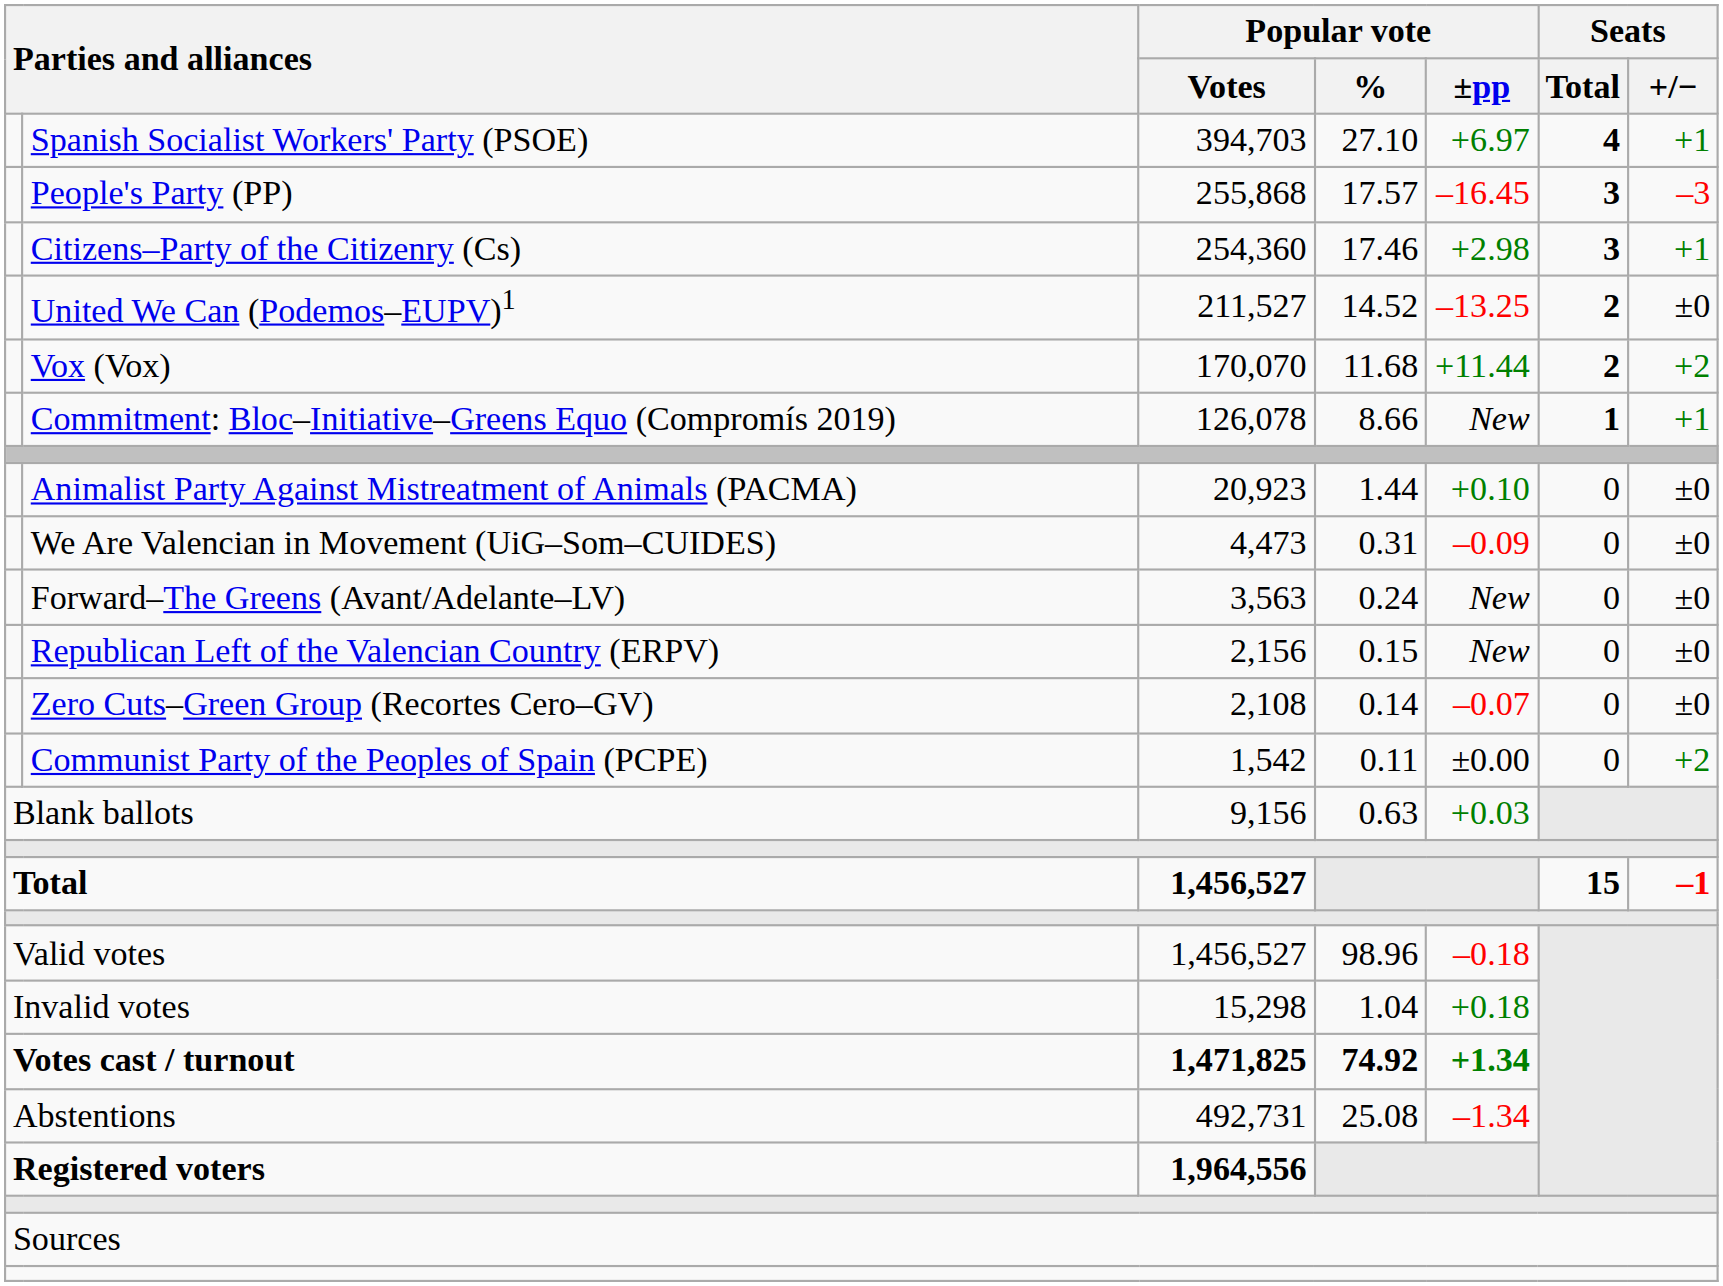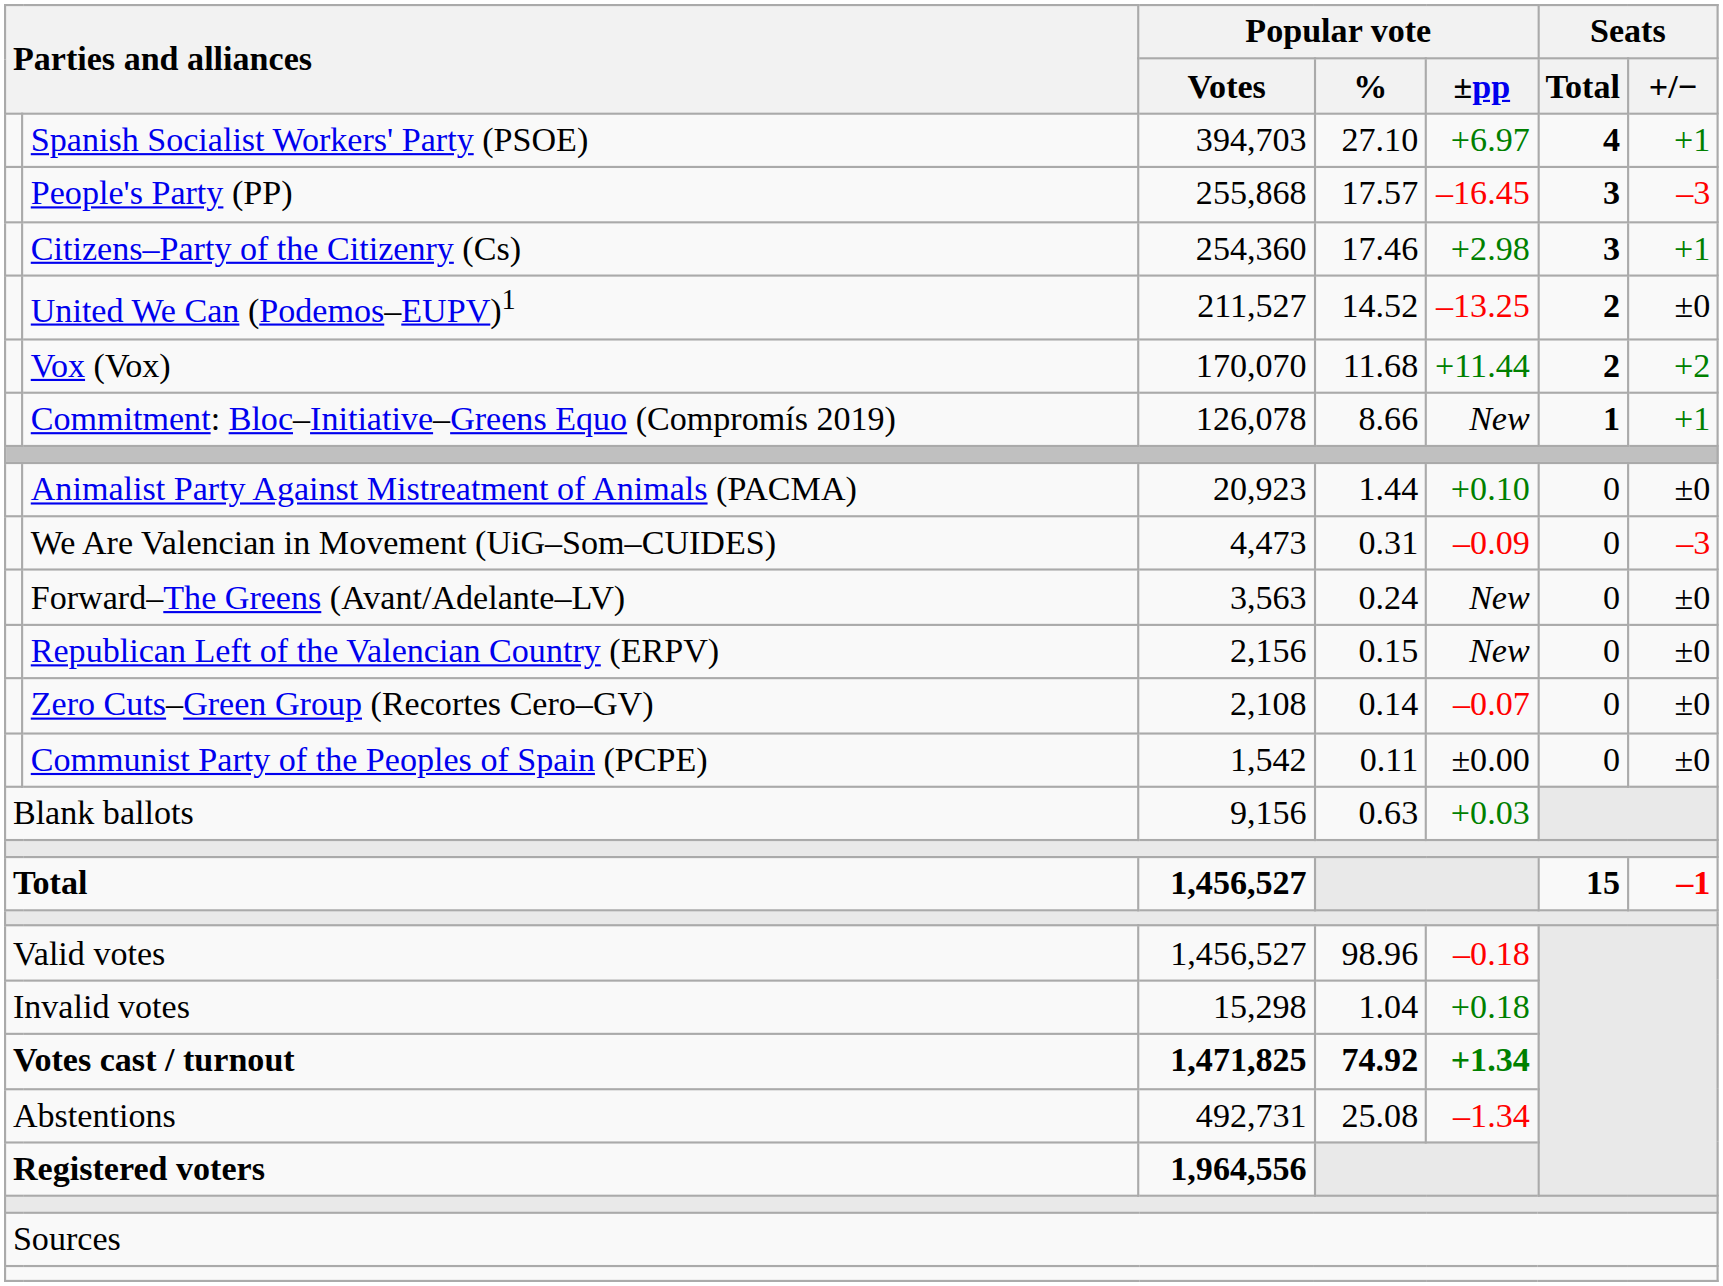 <table class="wikitable" style="text-align:right;">
 <tr>
 <th style="text-align:left;" rowspan="2" colspan="2" width="525">Parties and alliances</th>
 <th colspan="3">Popular vote</th>
 <th colspan="2">Seats</th>
 </tr>
 <tr>
 <th width="75">Votes</th>
 <th width="45">%</th>
 <th width="45">±<a href='#'>pp</a></th>
 <th width="35">Total</th>
 <th width="35">+/−</th>
 </tr>
 <tr>
 <td width="1" style="color:inherit;background:"></td>
 <td align="left"><a href='#'>Spanish Socialist Workers' Party</a> (PSOE)</td>
 <td>394,703</td>
 <td>27.10</td>
 <td style="color:green;">+6.97</td>
 <td><strong>4</strong></td>
 <td style="color:green;">+1</td>
 </tr>
 <tr>
 <td style="color:inherit;background:"></td>
 <td align="left"><a href='#'>People's Party</a> (PP)</td>
 <td>255,868</td>
 <td>17.57</td>
 <td style="color:red;">–16.45</td>
 <td><strong>3</strong></td>
 <td style="color:red;">–3</td>
 </tr>
 <tr>
 <td style="color:inherit;background:"></td>
 <td align="left"><a href='#'>Citizens–Party of the Citizenry</a> (Cs)</td>
 <td>254,360</td>
 <td>17.46</td>
 <td style="color:green;">+2.98</td>
 <td><strong>3</strong></td>
 <td style="color:green;">+1</td>
 </tr>
 <tr>
 <td style="color:inherit;background:"></td>
 <td align="left"><a href='#'>United We Can</a> (<a href='#'>Podemos</a>–<a href='#'>EUPV</a>)<sup>1</sup></td>
 <td>211,527</td>
 <td>14.52</td>
 <td style="color:red;">–13.25</td>
 <td><strong>2</strong></td>
 <td>±0</td>
 </tr>
 <tr>
 <td style="color:inherit;background:"></td>
 <td align="left"><a href='#'>Vox</a> (Vox)</td>
 <td>170,070</td>
 <td>11.68</td>
 <td style="color:green;">+11.44</td>
 <td><strong>2</strong></td>
 <td style="color:green;">+2</td>
 </tr>
 <tr>
 <td style="color:inherit;background:"></td>
 <td align="left"><a href='#'>Commitment</a>: <a href='#'>Bloc</a>–<a href='#'>Initiative</a>–<a href='#'>Greens Equo</a> (Compromís 2019)</td>
 <td>126,078</td>
 <td>8.66</td>
 <td><em>New</em></td>
 <td><strong>1</strong></td>
 <td style="color:green;">+1</td>
 </tr>
 <tr>
 <td colspan="7" bgcolor="#C0C0C0"></td>
 </tr>
 <tr>
 <td style="color:inherit;background:"></td>
 <td align="left"><a href='#'>Animalist Party Against Mistreatment of Animals</a> (PACMA)</td>
 <td>20,923</td>
 <td>1.44</td>
 <td style="color:green;">+0.10</td>
 <td>0</td>
 <td>±0</td>
 </tr>
 <tr>
 <td style="color:inherit;background:"></td>
 <td align="left">We Are Valencian in Movement (UiG–Som–CUIDES)</td>
 <td>4,473</td>
 <td>0.31</td>
 <td style="color:red;">–0.09</td>
 <td>0</td>
-<td>±0</td>
+<td style="color:red;">–3</td>
 </tr>
 <tr>
 <td style="color:inherit;background:"></td>
 <td align="left">Forward–<a href='#'>The Greens</a> (Avant/Adelante–LV)</td>
 <td>3,563</td>
 <td>0.24</td>
 <td><em>New</em></td>
 <td>0</td>
 <td>±0</td>
 </tr>
 <tr>
 <td style="color:inherit;background:"></td>
 <td align="left"><a href='#'>Republican Left of the Valencian Country</a> (ERPV)</td>
 <td>2,156</td>
 <td>0.15</td>
 <td><em>New</em></td>
 <td>0</td>
 <td>±0</td>
 </tr>
 <tr>
 <td style="color:inherit;background:"></td>
 <td align="left"><a href='#'>Zero Cuts</a>–<a href='#'>Green Group</a> (Recortes Cero–GV)</td>
 <td>2,108</td>
 <td>0.14</td>
 <td style="color:red;">–0.07</td>
 <td>0</td>
 <td>±0</td>
 </tr>
 <tr>
 <td style="color:inherit;background:"></td>
 <td align="left"><a href='#'>Communist Party of the Peoples of Spain</a> (PCPE)</td>
 <td>1,542</td>
 <td>0.11</td>
 <td>±0.00</td>
 <td>0</td>
-<td style="color:green;">+2</td>
+<td>±0</td>
 </tr>
 <tr>
 <td align="left" colspan="2">Blank ballots</td>
 <td>9,156</td>
 <td>0.63</td>
 <td style="color:green;">+0.03</td>
 <td bgcolor="#E9E9E9" colspan="2"></td>
 </tr>
 <tr>
 <td colspan="7" bgcolor="#E9E9E9"></td>
 </tr>
 <tr style="font-weight:bold;">
 <td align="left" colspan="2">Total</td>
 <td>1,456,527</td>
 <td bgcolor="#E9E9E9" colspan="2"></td>
 <td>15</td>
 <td style="color:red;">–1</td>
 </tr>
 <tr>
 <td colspan="7" bgcolor="#E9E9E9"></td>
 </tr>
 <tr>
 <td align="left" colspan="2">Valid votes</td>
 <td>1,456,527</td>
 <td>98.96</td>
 <td style="color:red;">–0.18</td>
 <td bgcolor="#E9E9E9" colspan="2" rowspan="5"></td>
 </tr>
 <tr>
 <td align="left" colspan="2">Invalid votes</td>
 <td>15,298</td>
 <td>1.04</td>
 <td style="color:green;">+0.18</td>
 </tr>
 <tr style="font-weight:bold;">
 <td align="left" colspan="2">Votes cast / turnout</td>
 <td>1,471,825</td>
 <td>74.92</td>
 <td style="color:green;">+1.34</td>
 </tr>
 <tr>
 <td align="left" colspan="2">Abstentions</td>
 <td>492,731</td>
 <td>25.08</td>
 <td style="color:red;">–1.34</td>
 </tr>
 <tr style="font-weight:bold;">
 <td align="left" colspan="2">Registered voters</td>
 <td>1,964,556</td>
 <td bgcolor="#E9E9E9" colspan="2"></td>
 </tr>
 <tr>
 <td colspan="7" bgcolor="#E9E9E9"></td>
 </tr>
 <tr>
 <td align="left" colspan="7">Sources</td>
 </tr>
 <tr>
 <td colspan="7" style="text-align:left; max-width:790px;"></td>
 </tr>
 </table>
